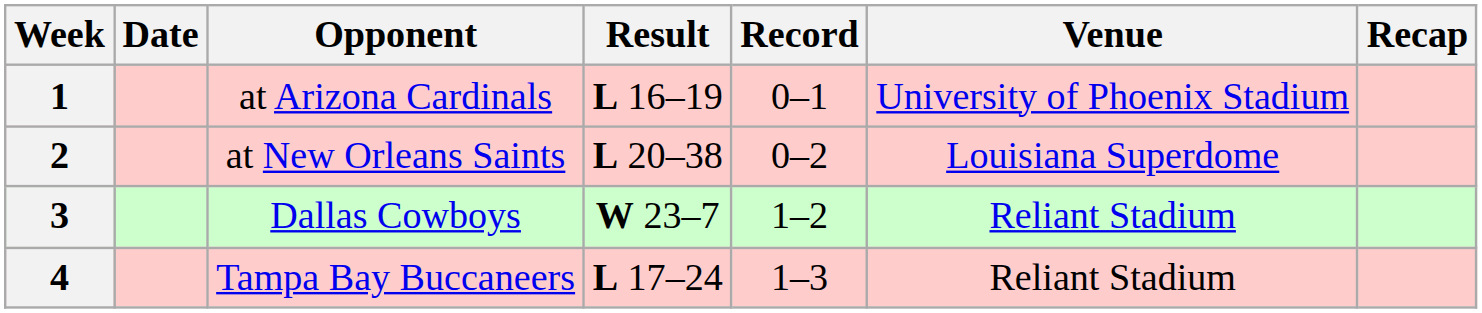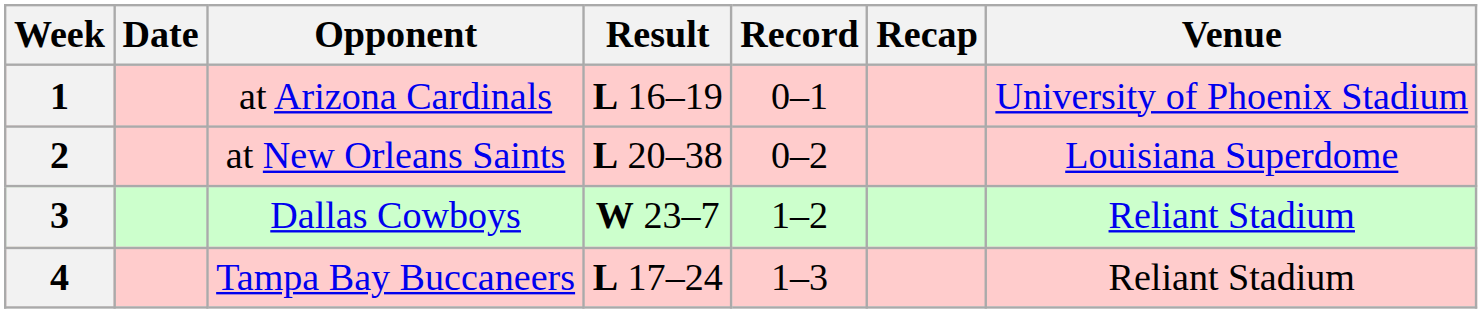 <table class="wikitable" style="text-align:center">
 <tr>
 <th>Week</th>
 <th>Date</th>
 <th>Opponent</th>
 <th>Result</th>
 <th>Record</th>
+<th>Recap</th>
 <th>Venue</th>
-<th>Recap</th>
 </tr>
 <tr style="background:#fcc">
 <th>1</th>
 <td></td>
 <td>at <a href='#'>Arizona Cardinals</a></td>
 <td><strong>L</strong> 16–19</td>
 <td>0–1</td>
+<td></td>
 <td><a href='#'>University of Phoenix Stadium</a></td>
-<td></td>
 </tr>
 <tr style="background:#fcc">
 <th>2</th>
 <td></td>
 <td>at <a href='#'>New Orleans Saints</a></td>
 <td><strong>L</strong> 20–38</td>
 <td>0–2</td>
+<td></td>
 <td><a href='#'>Louisiana Superdome</a></td>
-<td></td>
 </tr>
 <tr style="background:#cfc">
 <th>3</th>
 <td></td>
 <td><a href='#'>Dallas Cowboys</a></td>
 <td><strong>W</strong> 23–7</td>
 <td>1–2</td>
+<td></td>
 <td><a href='#'>Reliant Stadium</a></td>
-<td></td>
 </tr>
 <tr style="background:#fcc">
 <th>4</th>
 <td></td>
 <td><a href='#'>Tampa Bay Buccaneers</a></td>
 <td><strong>L</strong> 17–24</td>
 <td>1–3</td>
+<td></td>
 <td>Reliant Stadium</td>
-<td></td>
 </tr>
 </table>
